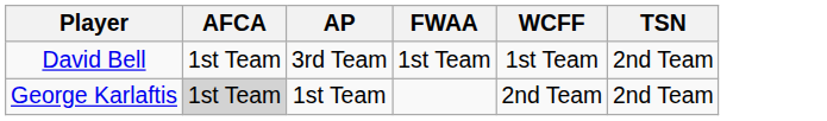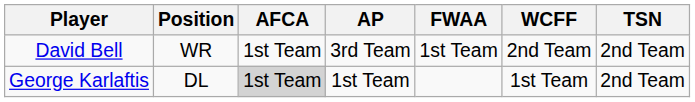 <table class="wikitable" style="text-align: center">
 <tr>
 <th>Player</th>
+<th>Position</th>
 <th>AFCA</th>
 <th>AP</th>
 <th>FWAA</th>
 <th>WCFF</th>
 <th>TSN</th>
 </tr>
 <tr>
 <td><a href='#'>David Bell</a></td>
+<td>WR</td>
 <td>1st Team</td>
 <td>3rd Team</td>
 <td>1st Team</td>
-<td>1st Team</td>
+<td>2nd Team</td>
 <td>2nd Team</td>
 </tr>
 <tr>
 <td><a href='#'>George Karlaftis</a></td>
+<td>DL</td>
 <td style="background: lightgrey;">1st Team</td>
 <td>1st Team</td>
 <td></td>
-<td>2nd Team</td>
+<td>1st Team</td>
 <td>2nd Team</td>
 </tr>
 </table>
